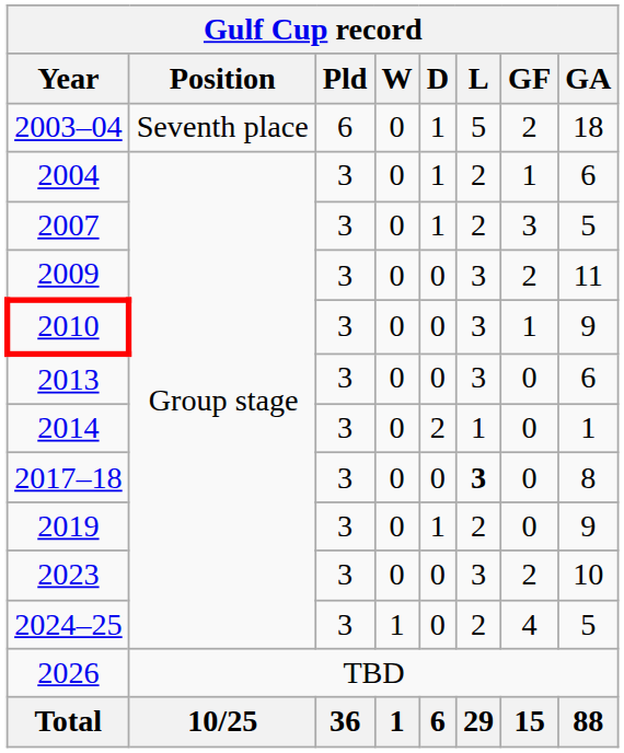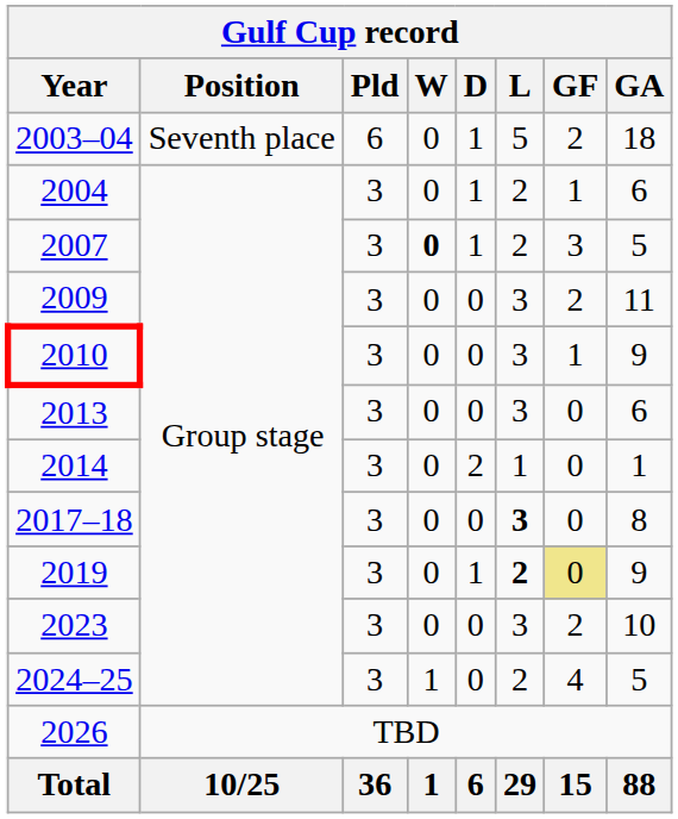 <table class="wikitable" style="text-align: center;">
 <tr>
 <th colspan=10><a href='#'>Gulf Cup</a> record</th>
 </tr>
 <tr>
 <th>Year</th>
 <th>Position</th>
 <th>Pld</th>
 <th>W</th>
 <th>D</th>
 <th>L</th>
 <th>GF</th>
 <th>GA</th>
 </tr>
 <tr>
 <td> <a href='#'>2003–04</a></td>
 <td>Seventh place</td>
 <td>6</td>
 <td>0</td>
 <td>1</td>
 <td>5</td>
 <td>2</td>
 <td>18</td>
 </tr>
 <tr>
 <td> <a href='#'>2004</a></td>
 <td rowspan="10">Group stage</td>
 <td>3</td>
 <td>0</td>
 <td>1</td>
 <td>2</td>
 <td>1</td>
 <td>6</td>
 </tr>
 <tr>
 <td> <a href='#'>2007</a></td>
 <td>3</td>
-<td>0</td>
+<td><strong>0</strong></td>
 <td>1</td>
 <td>2</td>
 <td>3</td>
 <td>5</td>
 </tr>
 <tr>
 <td> <a href='#'>2009</a></td>
 <td>3</td>
 <td>0</td>
 <td>0</td>
 <td>3</td>
 <td>2</td>
 <td>11</td>
 </tr>
 <tr>
 <td style="border: 3px solid red"> <a href='#'>2010</a></td>
 <td>3</td>
 <td>0</td>
 <td>0</td>
 <td>3</td>
 <td>1</td>
 <td>9</td>
 </tr>
 <tr>
 <td> <a href='#'>2013</a></td>
 <td>3</td>
 <td>0</td>
 <td>0</td>
 <td>3</td>
 <td>0</td>
 <td>6</td>
 </tr>
 <tr>
 <td> <a href='#'>2014</a></td>
 <td>3</td>
 <td>0</td>
 <td>2</td>
 <td>1</td>
 <td>0</td>
 <td>1</td>
 </tr>
 <tr>
 <td> <a href='#'>2017–18</a></td>
 <td>3</td>
 <td>0</td>
 <td>0</td>
 <td><strong>3</strong></td>
 <td>0</td>
 <td>8</td>
 </tr>
 <tr>
 <td> <a href='#'>2019</a></td>
 <td>3</td>
 <td>0</td>
 <td>1</td>
-<td>2</td>
-<td>0</td>
+<td><strong>2</strong></td>
+<td style="background: khaki;">0</td>
 <td>9</td>
 </tr>
 <tr>
 <td> <a href='#'>2023</a></td>
 <td>3</td>
 <td>0</td>
 <td>0</td>
 <td>3</td>
 <td>2</td>
 <td>10</td>
 </tr>
 <tr>
 <td> <a href='#'>2024–25</a></td>
 <td>3</td>
 <td>1</td>
 <td>0</td>
 <td>2</td>
 <td>4</td>
 <td>5</td>
 </tr>
 <tr>
 <td> <a href='#'>2026</a></td>
 <td colspan="7">TBD</td>
 </tr>
 <tr>
 <th>Total</th>
 <th>10/25</th>
 <th>36</th>
 <th>1</th>
 <th>6</th>
 <th>29</th>
 <th>15</th>
 <th>88</th>
 </tr>
 </table>
